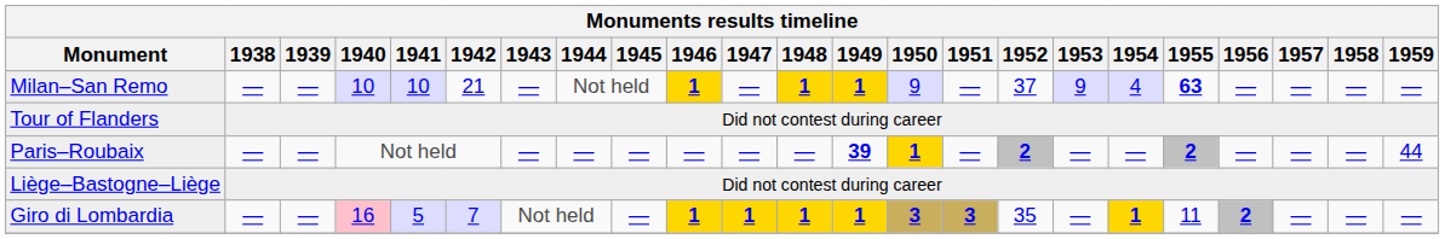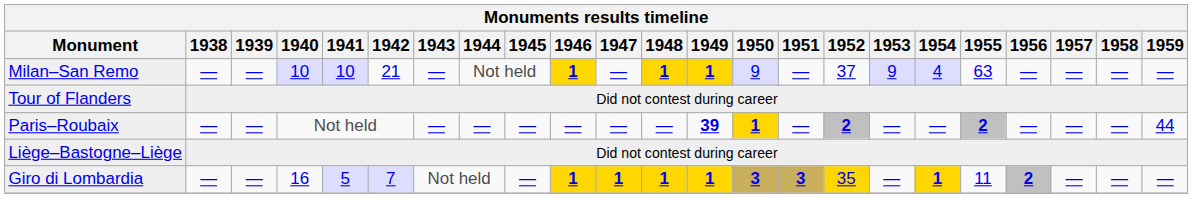 <table class="wikitable">
 <tr>
 <th scope="col" colspan=23 align=center>Monuments results timeline</th>
 </tr>
 <tr>
 <th>Monument</th>
 <th scope="col">1938</th>
 <th scope="col">1939</th>
 <th scope="col">1940</th>
 <th scope="col">1941</th>
 <th scope="col">1942</th>
 <th scope="col">1943</th>
 <th scope="col">1944</th>
 <th scope="col">1945</th>
 <th scope="col">1946</th>
 <th scope="col">1947</th>
 <th scope="col">1948</th>
 <th scope="col">1949</th>
 <th scope="col">1950</th>
 <th scope="col">1951</th>
 <th scope="col">1952</th>
 <th scope="col">1953</th>
 <th scope="col">1954</th>
 <th scope="col">1955</th>
 <th scope="col">1956</th>
 <th scope="col">1957</th>
 <th scope="col">1958</th>
 <th scope="col">1959</th>
 </tr>
 <tr style="text-align:center;">
 <td style="text-align:left; background:#efefef;"><a href='#'>Milan–San Remo</a></td>
 <td><a href='#'>—</a></td>
 <td><a href='#'>—</a></td>
 <td style="background:#ddddff;"><a href='#'>10</a></td>
 <td style="background:#ddddff;"><a href='#'>10</a></td>
 <td><a href='#'>21</a></td>
 <td><a href='#'>—</a></td>
 <td style="color:#4d4d4d;" colspan=2>Not held</td>
 <td style="background:gold;"><a href='#'><strong>1</strong></a></td>
 <td><a href='#'>—</a></td>
 <td style="background:gold;"><a href='#'><strong>1</strong></a></td>
 <td style="background:gold;"><a href='#'><strong>1</strong></a></td>
 <td style="background:#ddddff;"><a href='#'>9</a></td>
 <td><a href='#'>—</a></td>
 <td><a href='#'>37</a></td>
 <td style="background:#ddddff;"><a href='#'>9</a></td>
 <td style="background:#ddddff;"><a href='#'>4</a></td>
-<td><strong><a href='#'>63</a></strong></td>
+<td><a href='#'>63</a></td>
 <td><a href='#'>—</a></td>
 <td><a href='#'>—</a></td>
 <td><a href='#'>—</a></td>
 <td><a href='#'>—</a></td>
 </tr>
 <tr style="text-align:center;">
 <td style="text-align:left; background:#efefef;"><a href='#'>Tour of Flanders</a></td>
 <td style="text-align:center; background:#efefef;" colspan=22><small>Did not contest during career</small></td>
 </tr>
 <tr style="text-align:center;">
 <td style="text-align:left; background:#efefef;"><a href='#'>Paris–Roubaix</a></td>
 <td><a href='#'>—</a></td>
 <td><a href='#'>—</a></td>
 <td style="color:#4d4d4d;" colspan=3>Not held</td>
 <td><a href='#'>—</a></td>
 <td><a href='#'>—</a></td>
 <td><a href='#'>—</a></td>
 <td><a href='#'>—</a></td>
 <td><a href='#'>—</a></td>
 <td><a href='#'>—</a></td>
 <td><strong><a href='#'>39</a></strong></td>
 <td style="background:gold;"><a href='#'><strong>1</strong></a></td>
 <td><a href='#'>—</a></td>
 <td style="background:#C0C0C0;"><a href='#'><strong>2</strong></a></td>
 <td><a href='#'>—</a></td>
 <td><a href='#'>—</a></td>
 <td style="background:#C0C0C0;"><a href='#'><strong>2</strong></a></td>
 <td><a href='#'>—</a></td>
 <td><a href='#'>—</a></td>
 <td><a href='#'>—</a></td>
 <td><a href='#'>44</a></td>
 </tr>
 <tr style="text-align:center;">
 <td style="text-align:left; background:#efefef;"><a href='#'>Liège–Bastogne–Liège</a></td>
 <td style="text-align:center; background:#efefef;" colspan=22><small>Did not contest during career</small></td>
 </tr>
 <tr style="text-align:center;">
 <td style="text-align:left; background:#efefef;"><a href='#'>Giro di Lombardia</a></td>
 <td><a href='#'>—</a></td>
 <td><a href='#'>—</a></td>
-<td style="background: pink;"><a href='#'>16</a></td>
+<td><a href='#'>16</a></td>
 <td style="background:#ddddff;"><a href='#'>5</a></td>
 <td style="background:#ddddff;"><a href='#'>7</a></td>
 <td style="color:#4d4d4d;" colspan=2>Not held</td>
 <td><a href='#'>—</a></td>
 <td style="background:gold;"><a href='#'><strong>1</strong></a></td>
 <td style="background:gold;"><a href='#'><strong>1</strong></a></td>
 <td style="background:gold;"><a href='#'><strong>1</strong></a></td>
 <td style="background:gold;"><a href='#'><strong>1</strong></a></td>
 <td style="background:#C9AE5D;"><a href='#'><strong>3</strong></a></td>
 <td style="background:#C9AE5D;"><a href='#'><strong>3</strong></a></td>
-<td><a href='#'>35</a></td>
+<td style="background: gold;"><a href='#'>35</a></td>
 <td><a href='#'>—</a></td>
 <td style="background:gold;"><a href='#'><strong>1</strong></a></td>
 <td><a href='#'>11</a></td>
 <td style="background:#C0C0C0;"><a href='#'><strong>2</strong></a></td>
 <td><a href='#'>—</a></td>
 <td><a href='#'>—</a></td>
 <td><a href='#'>—</a></td>
 </tr>
 <tr>
 </tr>
 </table>
